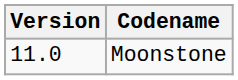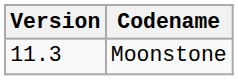 <table class="wikitable" style="font-size:smaller;">
 <tr>
 <th>Version</th>
 <th>Codename</th>
 </tr>
 <tr>
-<td>11.0</td>
+<td>11.3</td>
 <td>Moonstone</td>
 </tr>
 </table>
